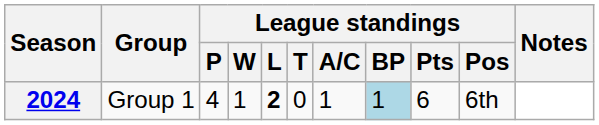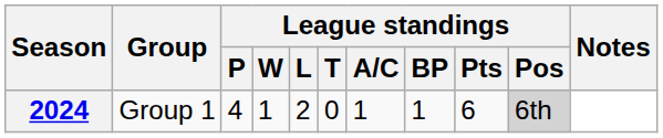 <table class="wikitable sortable">
 <tr>
 <th scope="col" rowspan="2">Season</th>
 <th scope="col" rowspan="2">Group</th>
 <th scope="col" colspan="8">League standings</th>
 <th scope="col" rowspan="2">Notes</th>
 </tr>
 <tr>
 <th scope="col">P</th>
 <th scope="col">W</th>
 <th scope="col">L</th>
 <th scope="col">T</th>
 <th scope="col">A/C</th>
 <th scope="col">BP</th>
 <th scope="col">Pts</th>
 <th scope="col">Pos</th>
 </tr>
 <tr>
 <th scope="row"><a href='#'>2024</a></th>
 <td>Group 1</td>
 <td>4</td>
 <td>1</td>
-<td><strong>2</strong></td>
+<td>2</td>
 <td>0</td>
 <td>1</td>
-<td style="background: lightblue;">1</td>
+<td>1</td>
 <td>6</td>
-<td>6th</td>
+<td style="background: lightgrey;">6th</td>
 <td style="background: white;"></td>
 </tr>
 </table>
